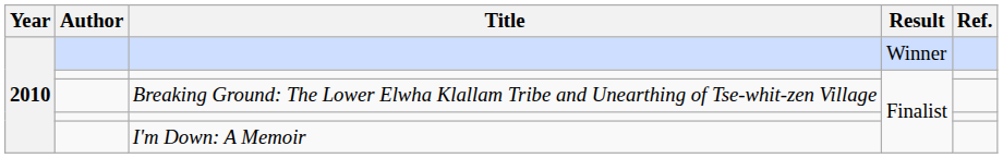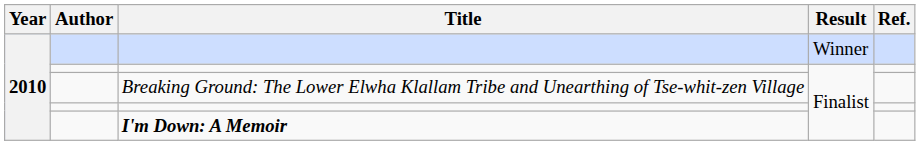 <table class="wikitable sortable mw-collapsible">
 <tr>
 <th>Year</th>
 <th>Author</th>
 <th>Title</th>
 <th>Result</th>
 <th>Ref.</th>
 </tr>
 <tr style="background:#cddeff">
 <th rowspan="5">2010</th>
 <td></td>
 <td><em></em></td>
 <td>Winner</td>
 <td></td>
 </tr>
 <tr>
 <td></td>
 <td><em></em></td>
 <td rowspan="4">Finalist</td>
 <td></td>
 </tr>
 <tr>
 <td></td>
 <td><em>Breaking Ground: The Lower Elwha Klallam Tribe and Unearthing of Tse-whit-zen Village</em></td>
 <td></td>
 </tr>
 <tr>
 <td></td>
 <td><em></em></td>
 <td></td>
 </tr>
 <tr>
 <td></td>
-<td><em>I'm Down: A Memoir</em></td>
+<td><strong><em>I'm Down: A Memoir</em></strong></td>
 <td></td>
 </tr>
 </table>
